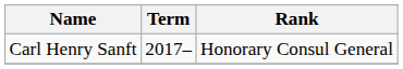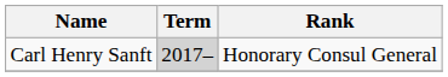 <table class="wikitable">
 <tr>
 <th>Name</th>
 <th>Term</th>
 <th>Rank</th>
 </tr>
 <tr>
 <td>Carl Henry Sanft</td>
-<td>2017–</td>
+<td style="background: lightgrey;">2017–</td>
 <td>Honorary Consul General</td>
 </tr>
 <tr>
 </tr>
 </table>
